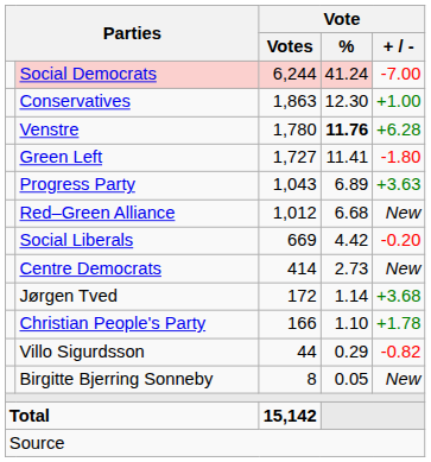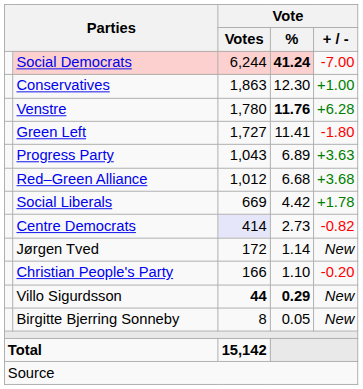 <table class="wikitable" style="text-align:right;">
 <tr>
 <th style="text-align:centre;" rowspan="2" colspan="2" width="225">Parties</th>
 <th colspan="3">Vote</th>
 </tr>
 <tr>
 <th width="15">Votes</th>
 <th width="15">%</th>
 <th width="15">+ / -</th>
 </tr>
 <tr>
 <td width="2" style="color:inherit;background:"></td>
 <td bgcolor=#fbd0ce  align="left"><a href='#'>Social Democrats</a></td>
 <td bgcolor=#fbd0ce>6,244</td>
-<td bgcolor=#fbd0ce>41.24</td>
+<td bgcolor=#fbd0ce><strong>41.24</strong></td>
 <td style=color:red;>-7.00</td>
 </tr>
 <tr>
 <td width="2" style="color:inherit;background:"></td>
 <td align="left"><a href='#'>Conservatives</a></td>
 <td>1,863</td>
 <td>12.30</td>
 <td style=color:green;>+1.00</td>
 </tr>
 <tr>
 <td width="2" style="color:inherit;background:"></td>
 <td align="left"><a href='#'>Venstre</a></td>
 <td>1,780</td>
 <td><strong>11.76</strong></td>
 <td style=color:green;>+6.28</td>
 </tr>
 <tr>
 <td width="2" style="color:inherit;background:"></td>
 <td align="left"><a href='#'>Green Left</a></td>
 <td>1,727</td>
 <td>11.41</td>
 <td style=color:red;>-1.80</td>
 </tr>
 <tr>
 <td width="2" style="color:inherit;background:"></td>
 <td align="left"><a href='#'>Progress Party</a></td>
 <td>1,043</td>
 <td>6.89</td>
 <td style=color:green;>+3.63</td>
 </tr>
 <tr>
 <td width="2" style="color:inherit;background:"></td>
 <td align="left"><a href='#'>Red–Green Alliance</a></td>
 <td>1,012</td>
 <td>6.68</td>
-<td><em>New</em></td>
+<td style=color:green;>+3.68</td>
 </tr>
 <tr>
 <td width="2" style="color:inherit;background:"></td>
 <td align="left"><a href='#'>Social Liberals</a></td>
 <td>669</td>
 <td>4.42</td>
-<td style=color:red;>-0.20</td>
+<td style=color:green;>+1.78</td>
 </tr>
 <tr>
 <td width="2" style="color:inherit;background:"></td>
 <td align="left"><a href='#'>Centre Democrats</a></td>
-<td>414</td>
+<td style="background: lavender;">414</td>
 <td>2.73</td>
-<td><em>New</em></td>
+<td style=color:red;>-0.82</td>
 </tr>
 <tr>
 <td width="2" style="color:inherit;background:"></td>
 <td align="left">Jørgen Tved</td>
 <td>172</td>
 <td>1.14</td>
-<td style=color:green;>+3.68</td>
+<td><em>New</em></td>
 </tr>
 <tr>
 <td width="2" style="color:inherit;background:"></td>
 <td align="left"><a href='#'>Christian People's Party</a></td>
 <td>166</td>
 <td>1.10</td>
-<td style=color:green;>+1.78</td>
+<td style=color:red;>-0.20</td>
 </tr>
 <tr>
 <td width="2" style="color:inherit;background:"></td>
 <td align="left">Villo Sigurdsson</td>
-<td>44</td>
-<td>0.29</td>
-<td style=color:red;>-0.82</td>
+<td><strong>44</strong></td>
+<td><strong>0.29</strong></td>
+<td><em>New</em></td>
 </tr>
 <tr>
 <td width="2" style="color:inherit;background:"></td>
 <td align="left">Birgitte Bjerring Sonneby</td>
 <td>8</td>
 <td>0.05</td>
 <td><em>New</em></td>
 </tr>
 <tr>
 <td colspan="7" bgcolor="#E9E9E9"></td>
 </tr>
 <tr>
 <td align="left" colspan="2"><strong>Total</strong></td>
 <td><strong>15,142</strong></td>
 <td bgcolor="#E9E9E9" colspan="2"></td>
 </tr>
 <tr>
 <td align="left" colspan="6">Source</td>
 </tr>
 </table>
